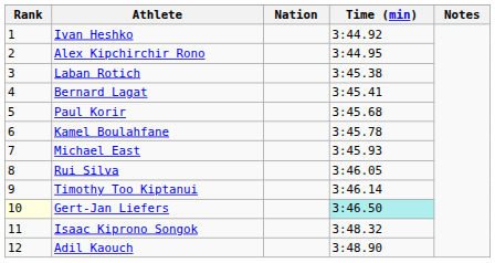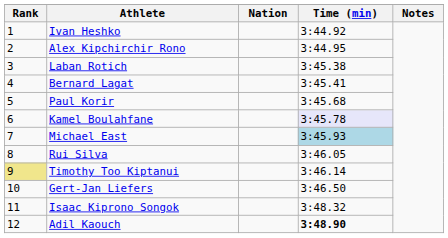 <table class="wikitable" width=85%>
 <tr>
 </tr>
 <tr>
 <th>Rank</th>
 <th>Athlete</th>
 <th>Nation</th>
 <th>Time (<a href='#'>min</a>)</th>
 <th>Notes</th>
 </tr>
 <tr>
 <td>1</td>
 <td><a href='#'>Ivan Heshko</a></td>
 <td></td>
 <td>3:44.92</td>
 </tr>
 <tr>
 <td>2</td>
 <td><a href='#'>Alex Kipchirchir Rono</a></td>
 <td></td>
 <td>3:44.95</td>
 </tr>
 <tr>
 <td>3</td>
 <td><a href='#'>Laban Rotich</a></td>
 <td></td>
 <td>3:45.38</td>
 </tr>
 <tr>
 <td>4</td>
 <td><a href='#'>Bernard Lagat</a></td>
 <td></td>
 <td>3:45.41</td>
 </tr>
 <tr>
 <td>5</td>
 <td><a href='#'>Paul Korir</a></td>
 <td></td>
 <td>3:45.68</td>
 </tr>
 <tr>
 <td>6</td>
 <td><a href='#'>Kamel Boulahfane</a></td>
 <td></td>
-<td>3:45.78</td>
+<td style="background: lavender;">3:45.78</td>
 </tr>
 <tr>
 <td>7</td>
 <td><a href='#'>Michael East</a></td>
 <td></td>
-<td>3:45.93</td>
+<td style="background: lightblue;">3:45.93</td>
 </tr>
 <tr>
 <td>8</td>
 <td><a href='#'>Rui Silva</a></td>
 <td></td>
 <td>3:46.05</td>
 </tr>
 <tr>
-<td>9</td>
+<td style="background: khaki;">9</td>
 <td><a href='#'>Timothy Too Kiptanui</a></td>
 <td></td>
 <td>3:46.14</td>
 </tr>
 <tr>
-<td style="background: lightyellow;">10</td>
+<td>10</td>
 <td><a href='#'>Gert-Jan Liefers</a></td>
 <td></td>
-<td style="background: paleturquoise;">3:46.50</td>
+<td>3:46.50</td>
 </tr>
 <tr>
 <td>11</td>
 <td><a href='#'>Isaac Kiprono Songok</a></td>
 <td></td>
 <td>3:48.32</td>
 </tr>
 <tr>
 <td>12</td>
 <td><a href='#'>Adil Kaouch</a></td>
 <td></td>
-<td>3:48.90</td>
+<td><strong>3:48.90</strong></td>
 </tr>
 </table>
